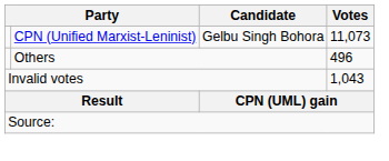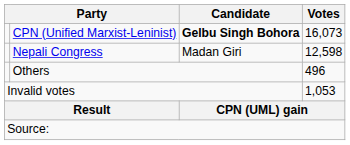 <table class="wikitable">
 <tr>
 <th colspan="2">Party</th>
 <th>Candidate</th>
 <th>Votes</th>
 </tr>
 <tr>
 <td style="background-color:"></td>
 <td><a href='#'>CPN (Unified Marxist-Leninist)</a></td>
-<td>Gelbu Singh Bohora</td>
-<td>11,073</td>
+<td><strong>Gelbu Singh Bohora</strong></td>
+<td>16,073</td>
+</tr>
+<tr>
+<td style="background-color:"></td>
+<td><a href='#'>Nepali Congress</a></td>
+<td>Madan Giri</td>
+<td>12,598</td>
 </tr>
 <tr>
 <td></td>
 <td colspan="2">Others</td>
 <td>496</td>
 </tr>
 <tr>
 <td colspan="3">Invalid votes</td>
-<td>1,043</td>
+<td>1,053</td>
 </tr>
 <tr>
 <th colspan="2">Result</th>
 <th colspan="2">CPN (UML) gain</th>
 </tr>
 <tr>
 <td colspan="4">Source: </td>
 </tr>
 </table>
